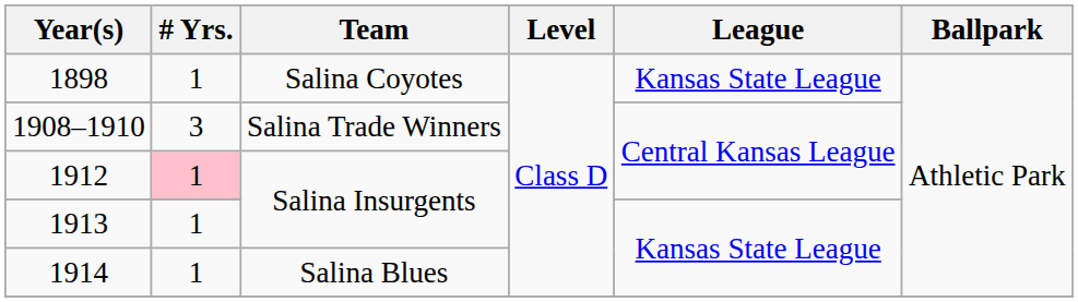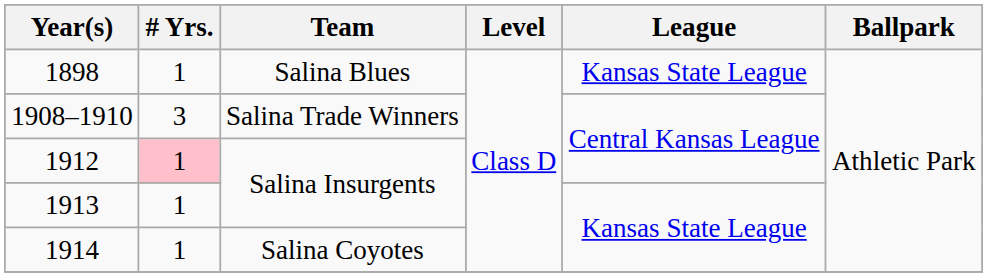 <table class="wikitable" style="text-align:center; font-size: 95%;">
 <tr>
 <th>Year(s)</th>
 <th># Yrs.</th>
 <th>Team</th>
 <th>Level</th>
 <th>League</th>
 <th>Ballpark</th>
 </tr>
 <tr>
 <td>1898</td>
 <td>1</td>
-<td>Salina Coyotes</td>
+<td>Salina Blues</td>
 <td rowspan=5><a href='#'>Class D</a></td>
 <td><a href='#'>Kansas State League</a></td>
 <td rowspan=5>Athletic Park</td>
 </tr>
 <tr>
 <td>1908–1910</td>
 <td>3</td>
 <td>Salina Trade Winners</td>
 <td rowspan=2><a href='#'>Central Kansas League</a></td>
 </tr>
 <tr>
 <td>1912</td>
 <td style="background: pink;">1</td>
 <td rowspan=2>Salina Insurgents</td>
 </tr>
 <tr>
 <td>1913</td>
 <td>1</td>
 <td rowspan=2><a href='#'>Kansas State League</a></td>
 </tr>
 <tr>
 <td>1914</td>
 <td>1</td>
-<td>Salina Blues</td>
+<td>Salina Coyotes</td>
 </tr>
 <tr>
 </tr>
 </table>
